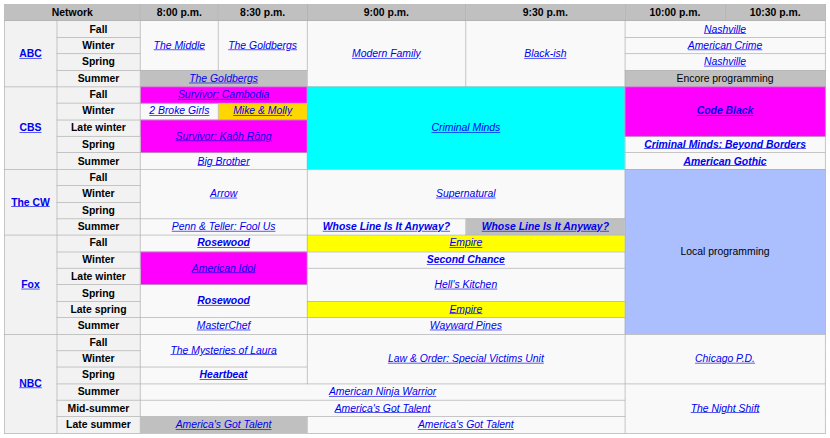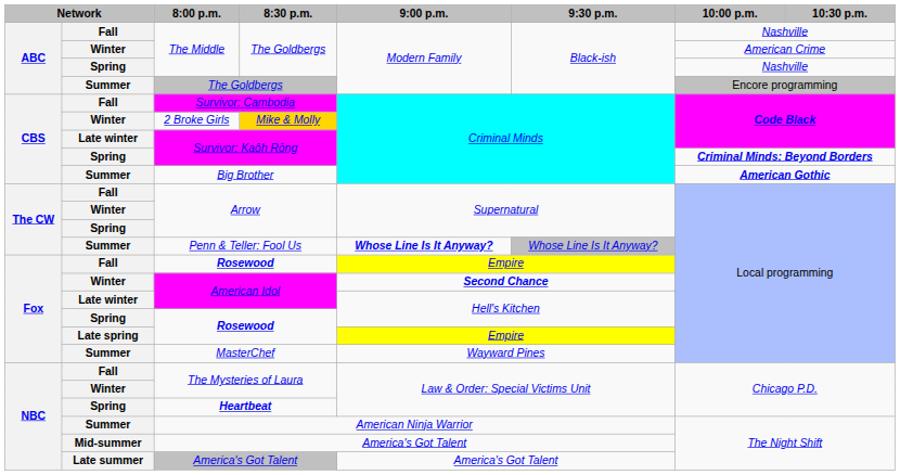 <table class="wikitable" style="width:100%;margin-right:0;text-align:center">
 <tr>
 <th colspan="2" style="background-color:#C0C0C0;text-align:center">Network</th>
 <th style="background-color:#C0C0C0;text-align:center">8:00 p.m.</th>
 <th style="background-color:#C0C0C0;text-align:center">8:30 p.m.</th>
 <th style="background-color:#C0C0C0;text-align:center">9:00 p.m.</th>
 <th style="background-color:#C0C0C0;text-align:center">9:30 p.m.</th>
 <th style="background-color:#C0C0C0;text-align:center">10:00 p.m.</th>
 <th style="background-color:#C0C0C0;text-align:center">10:30 p.m.</th>
 </tr>
 <tr>
 <th rowspan="4"><a href='#'>ABC</a></th>
 <th>Fall</th>
 <td rowspan="3"><em><a href='#'>The Middle</a></em></td>
 <td rowspan="3"><em><a href='#'>The Goldbergs</a></em></td>
 <td rowspan="4"><em><a href='#'>Modern Family</a></em></td>
 <td rowspan="4"><em><a href='#'>Black-ish</a></em></td>
 <td colspan="2"><em><a href='#'>Nashville</a></em></td>
 </tr>
 <tr>
 <th>Winter</th>
 <td colspan="2"><em><a href='#'>American Crime</a></em></td>
 </tr>
 <tr>
 <th>Spring</th>
 <td colspan="2"><em><a href='#'>Nashville</a></em></td>
 </tr>
 <tr>
 <th>Summer</th>
 <td colspan="2" style="background:#C0C0C0;"><em><a href='#'>The Goldbergs</a></em> </td>
 <td colspan="2" style="background:#C0C0C0;">Encore programming</td>
 </tr>
 <tr>
 <th rowspan="5"><a href='#'>CBS</a></th>
 <th>Fall</th>
 <td colspan="2" style="background:#FF00FF;"><em><a href='#'>Survivor: Cambodia</a></em> </td>
 <td rowspan="5" colspan="2" style="background:#00FFFF;"><em><a href='#'>Criminal Minds</a></em> </td>
 <td rowspan="3" colspan="2" style="background:#FF00FF;"><strong><em><a href='#'>Code Black</a></em></strong> </td>
 </tr>
 <tr>
 <th>Winter</th>
 <td><em><a href='#'>2 Broke Girls</a></em></td>
 <td style="background: gold;"><em><a href='#'>Mike & Molly</a></em></td>
 </tr>
 <tr>
 <th>Late winter</th>
 <td rowspan="2" colspan="2" style="background:#FF00FF;"><em><a href='#'>Survivor: Kaôh Rōng</a></em> </td>
 </tr>
 <tr>
 <th>Spring</th>
 <td colspan="2"><strong><em><a href='#'>Criminal Minds: Beyond Borders</a></em></strong></td>
 </tr>
 <tr>
 <th>Summer</th>
 <td colspan="2"><em><a href='#'>Big Brother</a></em></td>
 <td colspan="2"><strong><em><a href='#'>American Gothic</a></em></strong></td>
 </tr>
 <tr>
 <th rowspan="4"><a href='#'>The CW</a></th>
 <th>Fall</th>
 <td colspan="2" rowspan="3"><em><a href='#'>Arrow</a></em></td>
 <td colspan="2" rowspan="3"><em><a href='#'>Supernatural</a></em></td>
 <td style="background:#abbfff;" colspan="2" rowspan="10">Local programming</td>
 </tr>
 <tr>
 <th>Winter</th>
 </tr>
 <tr>
 <th>Spring</th>
 </tr>
 <tr>
 <th>Summer</th>
 <td colspan="2"><em><a href='#'>Penn & Teller: Fool Us</a></em></td>
 <td><strong><em><a href='#'>Whose Line Is It Anyway?</a></em></strong></td>
-<td style="background:#C0C0C0;"><strong><em><a href='#'>Whose Line Is It Anyway?</a></em> </strong></td>
+<td style="background:#C0C0C0;"><em><a href='#'>Whose Line Is It Anyway?</a></em> </td>
 </tr>
 <tr>
 <th rowspan="6"><a href='#'>Fox</a></th>
 <th>Fall</th>
 <td colspan="2"><strong><em><a href='#'>Rosewood</a></em></strong></td>
 <td colspan="2" style="background:#FFFF00;"><em><a href='#'>Empire</a></em> </td>
 </tr>
 <tr>
 <th>Winter</th>
 <td colspan="2" rowspan="2" style="background:#FF00FF;"><em><a href='#'>American Idol</a></em> </td>
 <td colspan="2"><strong><em><a href='#'>Second Chance</a></em></strong></td>
 </tr>
 <tr>
 <th>Late winter</th>
 <td rowspan="2" colspan="2"><em><a href='#'>Hell's Kitchen</a></em></td>
 </tr>
 <tr>
 <th>Spring</th>
 <td colspan="2" rowspan="2"><strong><em><a href='#'>Rosewood</a></em></strong></td>
 </tr>
 <tr>
 <th>Late spring</th>
 <td colspan="2" style="background:#FFFF00;"><em><a href='#'>Empire</a></em> </td>
 </tr>
 <tr>
 <th>Summer</th>
 <td colspan="2"><em><a href='#'>MasterChef</a></em></td>
 <td colspan="2"><em><a href='#'>Wayward Pines</a></em></td>
 </tr>
 <tr>
 <th rowspan="6"><a href='#'>NBC</a></th>
 <th>Fall</th>
 <td rowspan="2" colspan="2"><em><a href='#'>The Mysteries of Laura</a></em></td>
 <td rowspan="3" colspan="2"><em><a href='#'>Law & Order: Special Victims Unit</a></em></td>
 <td rowspan="3" colspan="2"><em><a href='#'>Chicago P.D.</a></em></td>
 </tr>
 <tr>
 <th>Winter</th>
 </tr>
 <tr>
 <th>Spring</th>
 <td colspan="2"><strong><em><a href='#'>Heartbeat</a></em></strong></td>
 </tr>
 <tr>
 <th>Summer</th>
 <td colspan="4"><em><a href='#'>American Ninja Warrior</a></em></td>
 <td colspan="2" rowspan="3"><em><a href='#'>The Night Shift</a></em></td>
 </tr>
 <tr>
 <th>Mid-summer</th>
 <td colspan="4"><em><a href='#'>America's Got Talent</a></em></td>
 </tr>
 <tr>
 <th>Late summer</th>
 <td style="background:#C0C0C0;" colspan="2"><em><a href='#'>America's Got Talent</a></em> </td>
 <td colspan="2"><em><a href='#'>America's Got Talent</a></em></td>
 </tr>
 </table>
